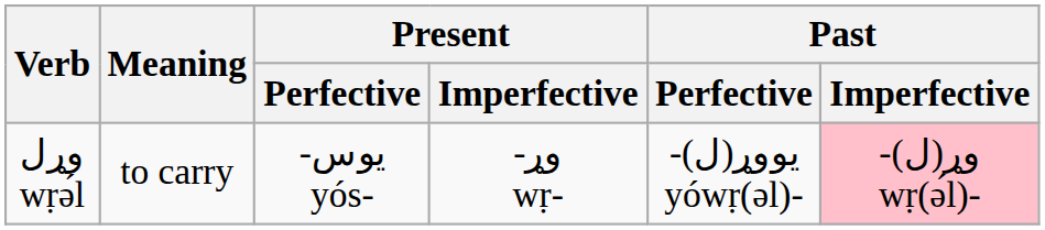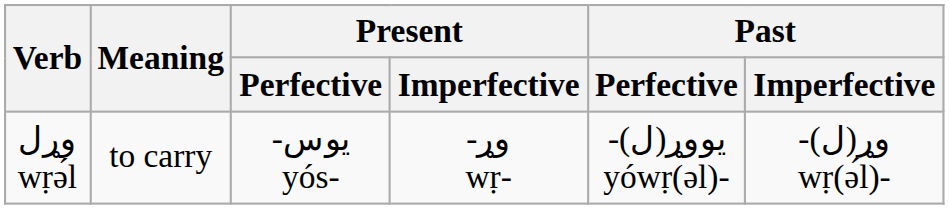 <table class="wikitable" style="text-align: center">
 <tr>
 <th rowspan="2">Verb</th>
 <th rowspan="2">Meaning</th>
 <th colspan="2">Present</th>
 <th colspan="2">Past</th>
 </tr>
 <tr>
 <th>Perfective</th>
 <th>Imperfective</th>
 <th>Perfective</th>
 <th>Imperfective</th>
 </tr>
 <tr>
 <td>وړل<br>wṛә́l</td>
 <td>to carry</td>
 <td>-یوس<br>yós-</td>
 <td>-وړ<br>wṛ-</td>
 <td>-(یووړ(ل <br>yówṛ(әl)-</td>
-<td style="background: pink;">-(وړ(ل <br>wṛ(ә́l)-</td>
+<td>-(وړ(ل <br>wṛ(ә́l)-</td>
 </tr>
 </table>
